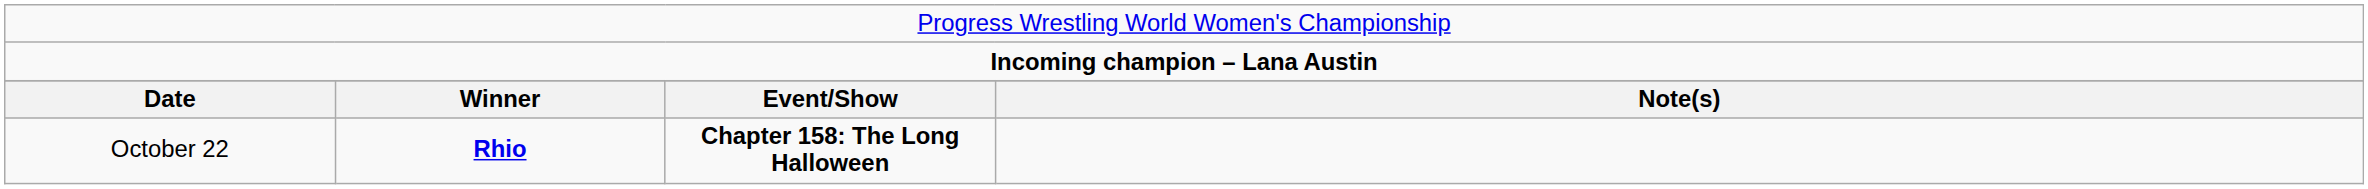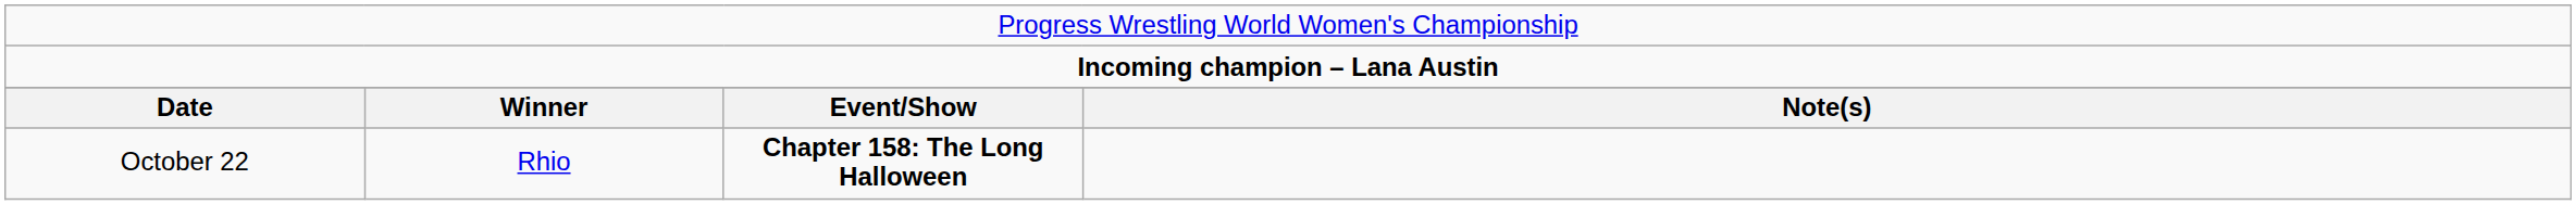 <table class="wikitable" style="text-align:center; width:100%;">
 <tr>
 <td colspan="5" style="text-align: center;"><a href='#'>Progress Wrestling World Women's Championship</a></td>
 </tr>
 <tr>
 <td colspan="5" style="text-align: center;"><strong>Incoming champion – Lana Austin</strong></td>
 </tr>
 <tr>
 </tr>
 <tr>
 <th width=14%>Date</th>
 <th width=14%>Winner</th>
 <th width=14%>Event/Show</th>
 <th width=58%>Note(s)</th>
 </tr>
 <tr>
 <td>October 22</td>
-<td><strong><a href='#'>Rhio</a></strong></td>
+<td><a href='#'>Rhio</a></td>
 <td><strong>Chapter 158: The Long Halloween</strong></td>
 <td></td>
 </tr>
 </table>
